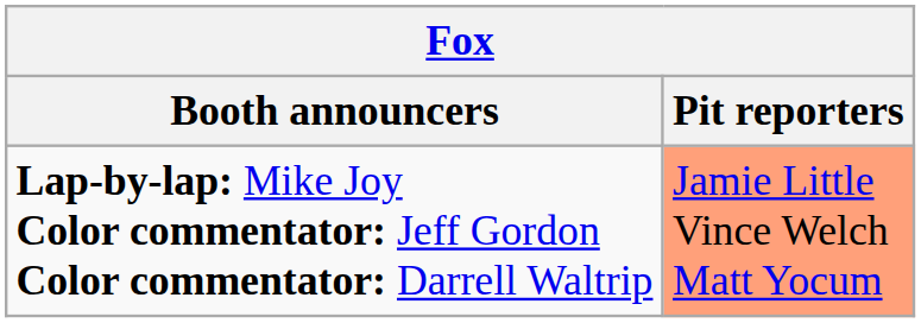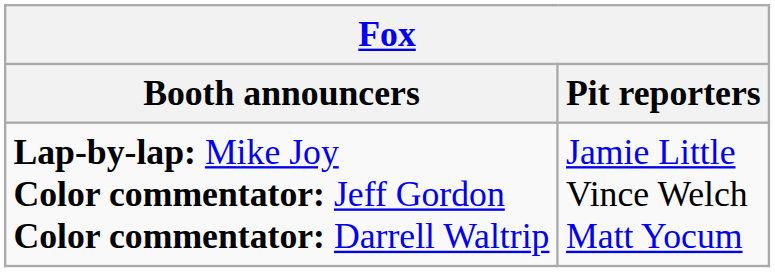 <table class="wikitable" style="font-size: 95%">
 <tr>
 <th colspan="2"><a href='#'>Fox</a></th>
 </tr>
 <tr>
 <th>Booth announcers</th>
 <th>Pit reporters</th>
 </tr>
 <tr>
 <td><strong>Lap-by-lap:</strong> <a href='#'>Mike Joy</a><br><strong>Color commentator:</strong> <a href='#'>Jeff Gordon</a><br><strong>Color commentator:</strong> <a href='#'>Darrell Waltrip</a></td>
-<td style="background: lightsalmon;"><a href='#'>Jamie Little</a><br>Vince Welch<br><a href='#'>Matt Yocum</a></td>
+<td><a href='#'>Jamie Little</a><br>Vince Welch<br><a href='#'>Matt Yocum</a></td>
 </tr>
 </table>
